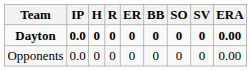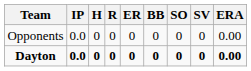 <table class="wikitable sortable">
 <tr>
 <th>Team</th>
 <th>IP</th>
 <th>H</th>
 <th>R</th>
 <th>ER</th>
 <th>BB</th>
 <th>SO</th>
 <th>SV</th>
 <th>ERA</th>
 </tr>
 <tr style="text-align:center;">
+<td>Opponents</td>
+<td>0.0</td>
+<td>0</td>
+<td>0</td>
+<td>0</td>
+<td>0</td>
+<td>0</td>
+<td>0</td>
+<td>0.00</td>
+</tr>
+<tr style="text-align:center;">
 <td><strong>Dayton</strong></td>
 <td><strong>0.0</strong></td>
 <td><strong>0</strong></td>
 <td><strong>0</strong></td>
 <td><strong>0</strong></td>
 <td><strong>0</strong></td>
 <td><strong>0</strong></td>
 <td><strong>0</strong></td>
 <td><strong>0.00</strong></td>
 </tr>
-<tr style="text-align:center;">
-<td>Opponents</td>
-<td>0.0</td>
-<td>0</td>
-<td>0</td>
-<td>0</td>
-<td>0</td>
-<td>0</td>
-<td>0</td>
-<td>0.00</td>
-</tr>
 </table>
